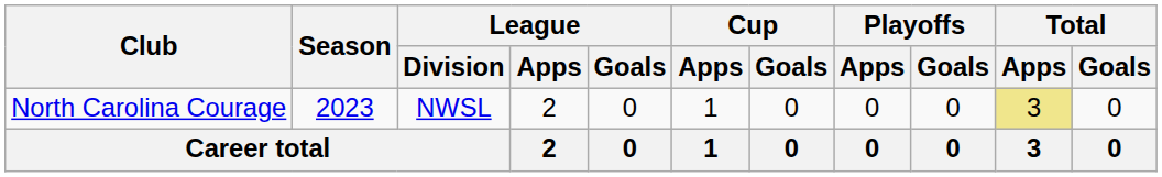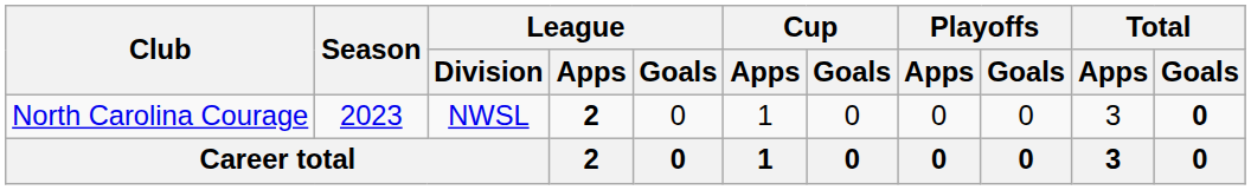 <table class="wikitable" style="text-align: center;">
 <tr>
 <th rowspan=2 scope="col">Club</th>
 <th rowspan=2 scope="col">Season</th>
 <th colspan=3 scope="col">League</th>
 <th colspan=2 scope="col">Cup</th>
 <th colspan=2 scope="col">Playoffs</th>
 <th colspan=2 scope="col">Total</th>
 </tr>
 <tr>
 <th>Division</th>
 <th>Apps</th>
 <th>Goals</th>
 <th>Apps</th>
 <th>Goals</th>
 <th>Apps</th>
 <th>Goals</th>
 <th>Apps</th>
 <th>Goals</th>
 </tr>
 <tr>
 <td><a href='#'>North Carolina Courage</a></td>
 <td><a href='#'>2023</a></td>
 <td><a href='#'>NWSL</a></td>
-<td>2</td>
+<td><strong>2</strong></td>
 <td>0</td>
 <td>1</td>
 <td>0</td>
 <td>0</td>
 <td>0</td>
-<td style="background: khaki;">3</td>
-<td>0</td>
+<td>3</td>
+<td><strong>0</strong></td>
 </tr>
 <tr>
 <th colspan=3>Career total</th>
 <th>2</th>
 <th>0</th>
 <th>1</th>
 <th>0</th>
 <th>0</th>
 <th>0</th>
 <th>3</th>
 <th>0</th>
 </tr>
 </table>
